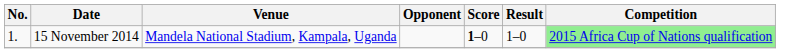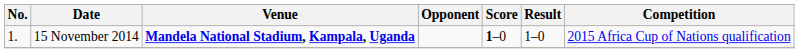 <table class="wikitable">
 <tr>
 <th>No.</th>
 <th>Date</th>
 <th>Venue</th>
 <th>Opponent</th>
 <th>Score</th>
 <th>Result</th>
 <th>Competition</th>
 </tr>
 <tr>
 <td>1.</td>
 <td>15 November 2014</td>
-<td><a href='#'>Mandela National Stadium</a>, <a href='#'>Kampala</a>, <a href='#'>Uganda</a></td>
+<td><strong><a href='#'>Mandela National Stadium</a>, <a href='#'>Kampala</a>, <a href='#'>Uganda</a></strong></td>
 <td></td>
 <td><strong>1</strong>–0</td>
 <td>1–0</td>
-<td style="background: lightgreen;"><a href='#'>2015 Africa Cup of Nations qualification</a></td>
+<td><a href='#'>2015 Africa Cup of Nations qualification</a></td>
 </tr>
 <tr>
 </tr>
 </table>
